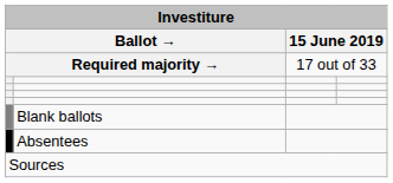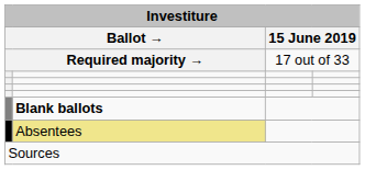 <table class="wikitable" style="text-align:center; font-size:95%;">
 <tr>
 <td colspan="8" align="center" bgcolor="#C0C0C0"><strong>Investiture</strong></td>
 </tr>
 <tr>
 <th colspan="2" width="275px">Ballot →</th>
 <th colspan="2">15 June 2019</th>
 </tr>
 <tr>
 <th colspan="2">Required majority →</th>
 <td colspan="2">17 out of 33</td>
 </tr>
 <tr>
 <th width="1px" style="background:"></th>
 <td align="left"></td>
 <td></td>
 <td></td>
 </tr>
 <tr>
 <th style="color:inherit;background:"></th>
 <td align="left"></td>
 <td></td>
 <td></td>
 </tr>
 <tr>
 <th style="color:inherit;background:"></th>
 <td align="left"></td>
 <td></td>
 <td></td>
 </tr>
 <tr>
 <th style="color:inherit;background:"></th>
 <td align="left"></td>
 <td></td>
 <td></td>
 </tr>
 <tr>
 <th style="color:inherit;background:gray;"></th>
-<td align="left">Blank ballots</td>
+<td align="left"><strong>Blank ballots</strong></td>
 <td colspan="2"></td>
 </tr>
 <tr>
 <th style="color:inherit;background:black;"></th>
-<td align="left">Absentees</td>
+<td align="left" style="background: khaki;">Absentees</td>
 <td colspan="2"></td>
 </tr>
 <tr>
 <td align="left" colspan="4">Sources</td>
 </tr>
 </table>
